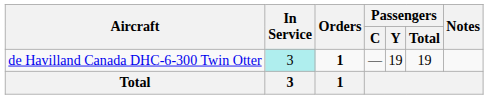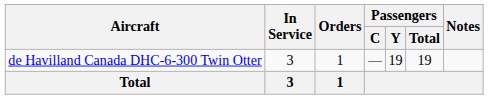 <table class="wikitable" style="margin:0.5em auto; text-align:center">
 <tr>
 <th rowspan=2>Aircraft</th>
 <th rowspan=2>In <br> Service</th>
 <th rowspan=2>Orders</th>
 <th colspan=3>Passengers</th>
 <th rowspan=2>Notes</th>
 </tr>
 <tr>
 <th><abbr>C</abbr></th>
 <th><abbr>Y</abbr></th>
 <th>Total</th>
 </tr>
 <tr>
 <td><a href='#'>de Havilland Canada DHC-6-300 Twin Otter</a></td>
-<td style="background: paleturquoise;">3</td>
-<td><strong>1</strong></td>
+<td>3</td>
+<td>1</td>
 <td>—</td>
 <td>19</td>
 <td>19</td>
 <td></td>
 </tr>
 <tr>
 <th>Total</th>
 <th>3</th>
 <th>1</th>
 <th colspan=4></th>
 </tr>
 </table>
